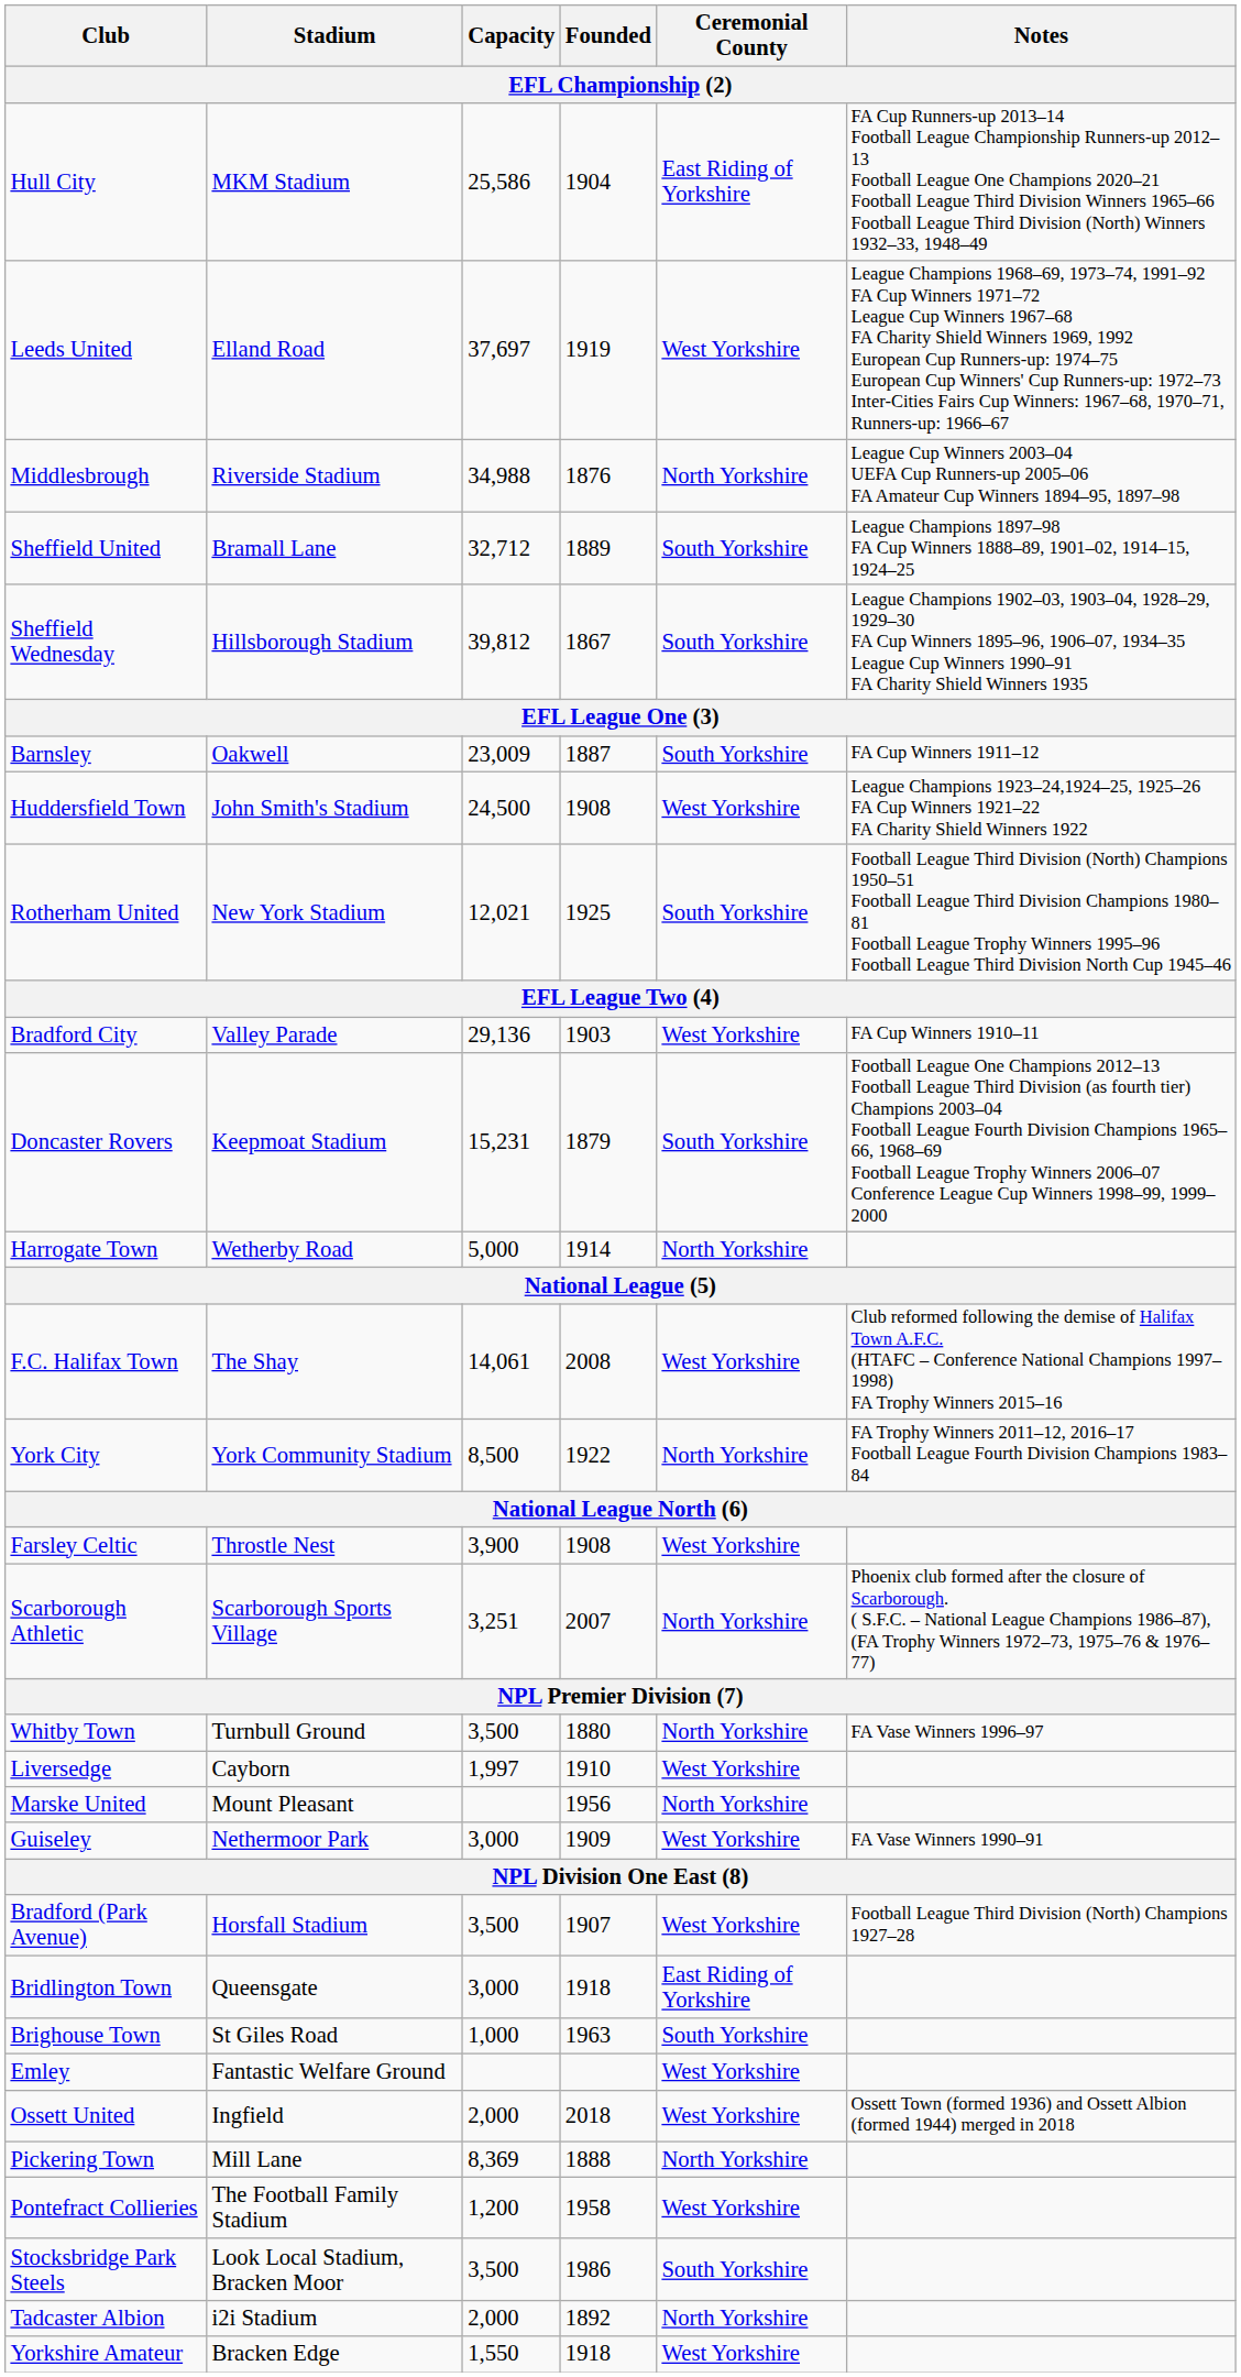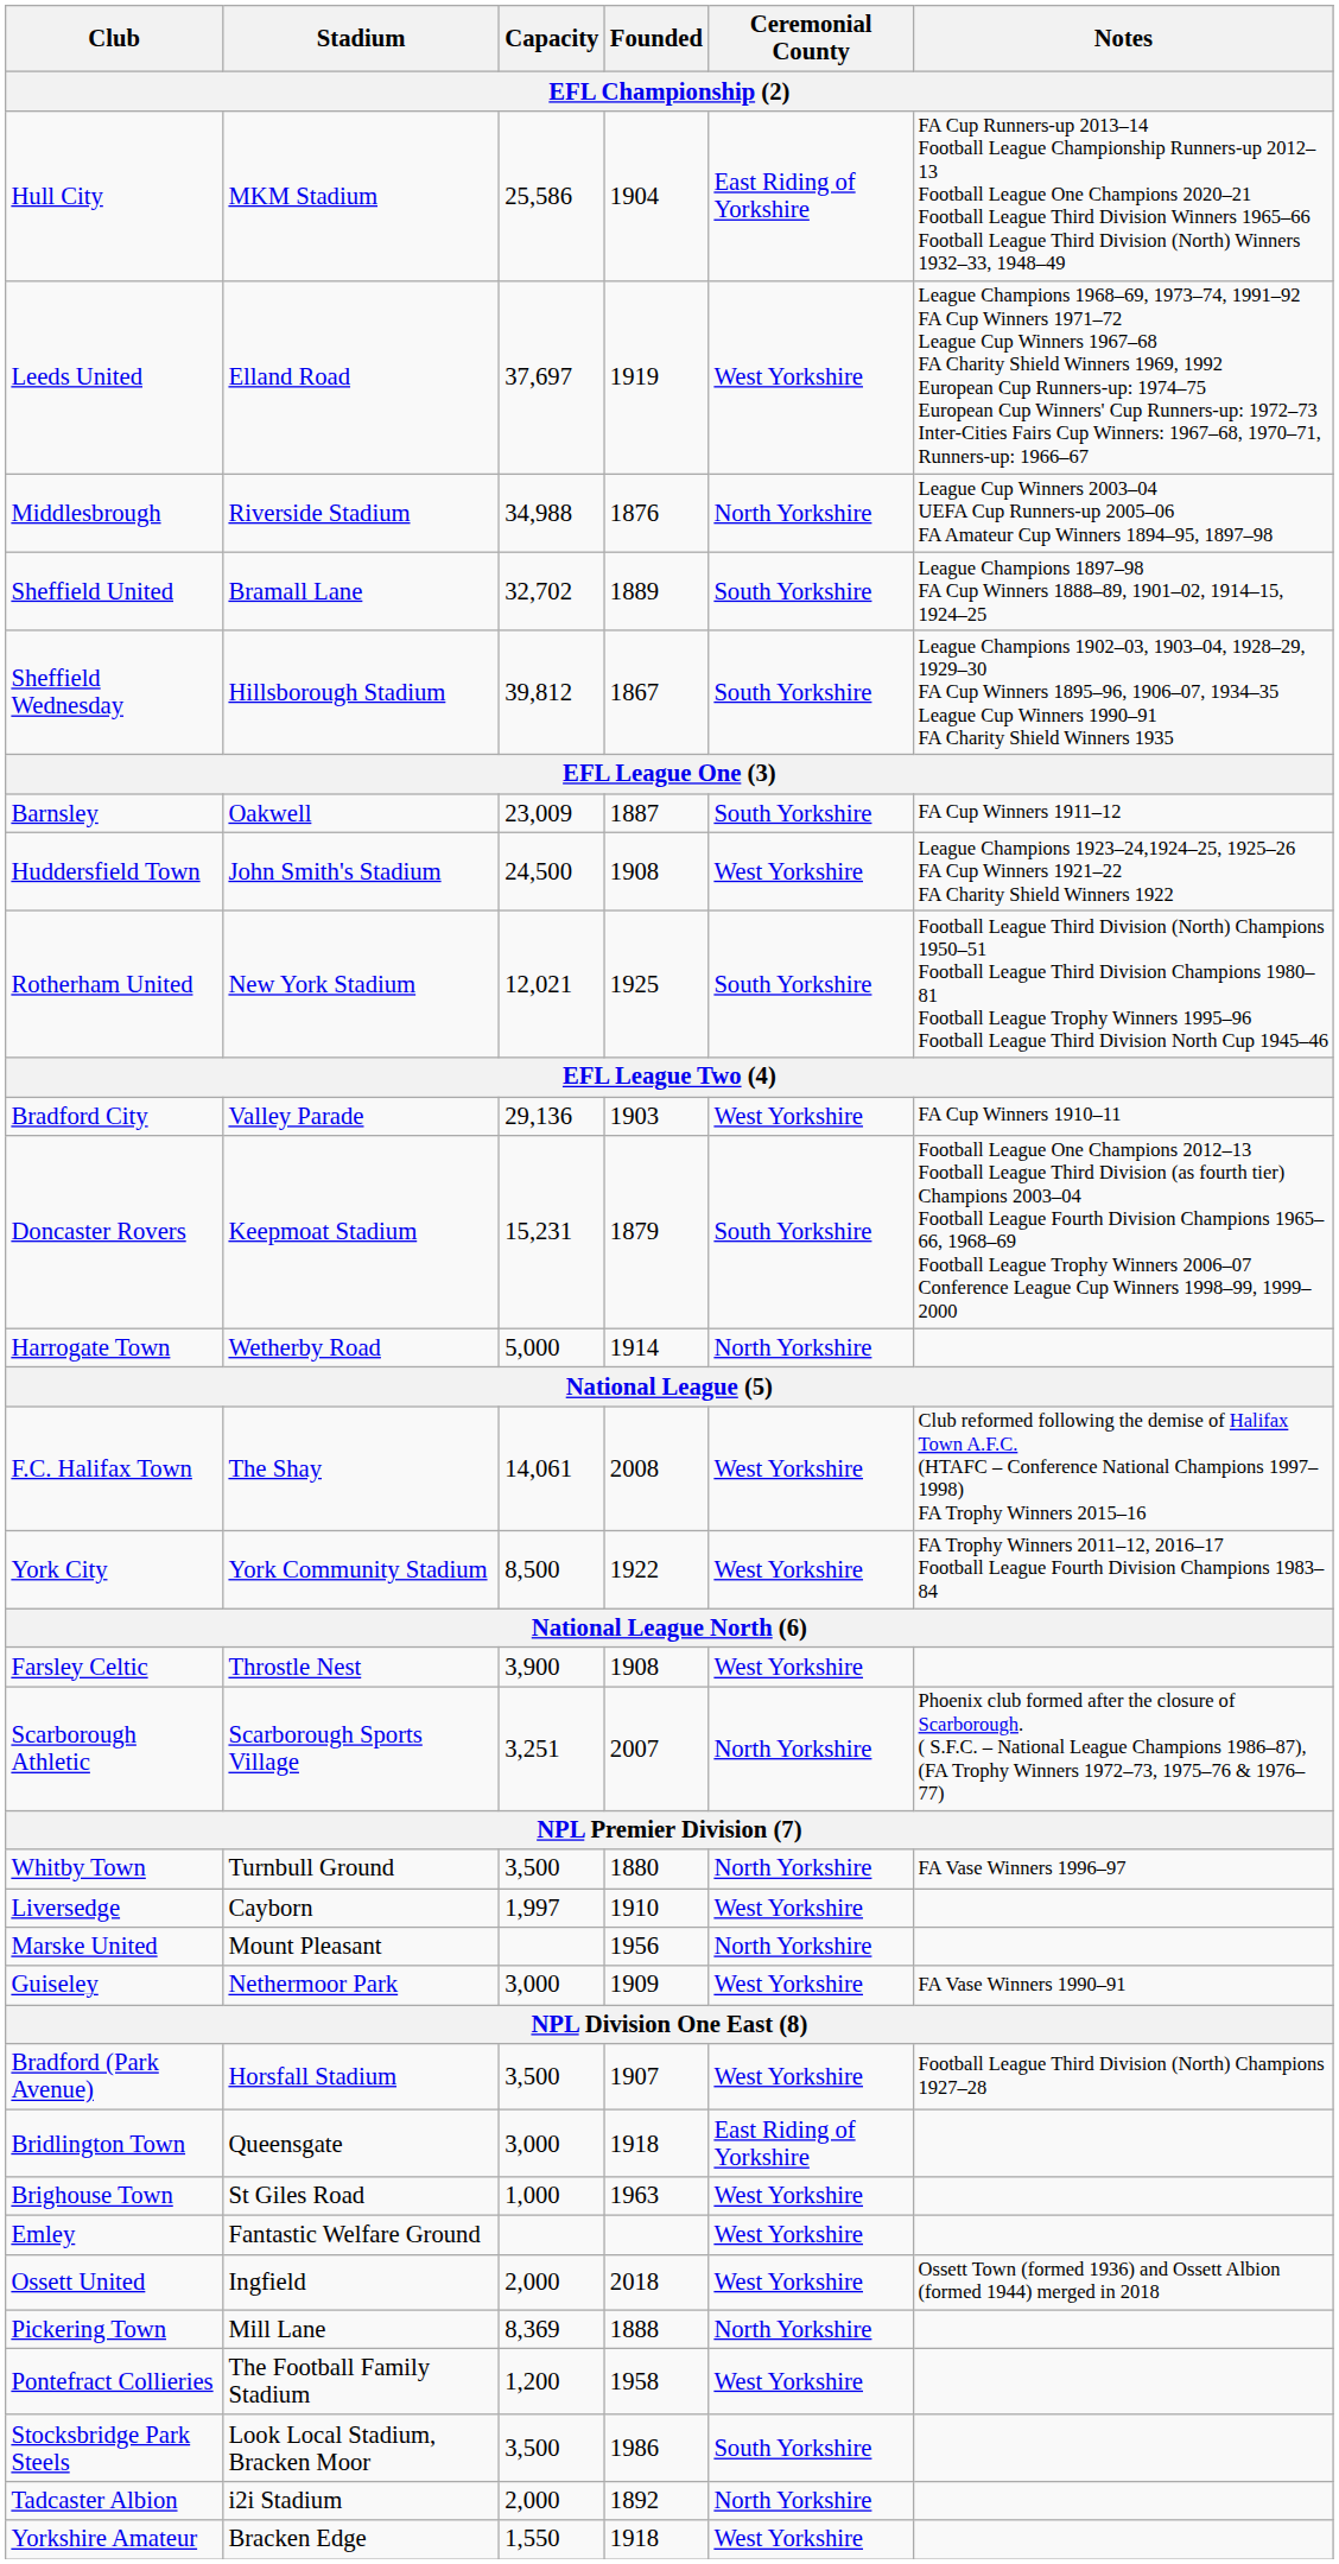 <table class="wikitable">
 <tr>
 <th>Club</th>
 <th>Stadium</th>
 <th>Capacity</th>
 <th>Founded</th>
 <th>Ceremonial County</th>
 <th>Notes</th>
 </tr>
 <tr>
 <th colspan=6><a href='#'>EFL Championship</a> (2)</th>
 </tr>
 <tr>
 <td><a href='#'>Hull City</a></td>
 <td><a href='#'>MKM Stadium</a></td>
 <td>25,586</td>
 <td>1904</td>
 <td><a href='#'>East Riding of Yorkshire</a></td>
 <td style="font-size: 80%">FA Cup Runners-up 2013–14<br>Football League Championship Runners-up 2012–13<br>Football League One Champions 2020–21<br>Football League Third Division Winners 1965–66<br>Football League Third Division (North) Winners 1932–33, 1948–49</td>
 </tr>
 <tr>
 <td><a href='#'>Leeds United</a></td>
 <td><a href='#'>Elland Road</a></td>
 <td>37,697</td>
 <td>1919</td>
 <td><a href='#'>West Yorkshire</a></td>
 <td style="font-size: 80%">League Champions 1968–69, 1973–74, 1991–92<br>FA Cup Winners 1971–72<br>League Cup Winners 1967–68<br>FA Charity Shield Winners 1969, 1992<br>European Cup Runners-up: 1974–75<br>European Cup Winners' Cup Runners-up: 1972–73<br>Inter-Cities Fairs Cup Winners: 1967–68, 1970–71, Runners-up: 1966–67</td>
 </tr>
 <tr>
 <td><a href='#'>Middlesbrough</a></td>
 <td><a href='#'>Riverside Stadium</a></td>
 <td>34,988</td>
 <td>1876</td>
 <td><a href='#'>North Yorkshire</a></td>
 <td style="font-size: 80%">League Cup Winners 2003–04<br>UEFA Cup Runners-up 2005–06<br>FA Amateur Cup Winners 1894–95, 1897–98</td>
 </tr>
 <tr>
 <td><a href='#'>Sheffield United</a></td>
 <td><a href='#'>Bramall Lane</a></td>
-<td>32,712</td>
+<td>32,702</td>
 <td>1889</td>
 <td><a href='#'>South Yorkshire</a></td>
 <td style="font-size: 80%">League Champions 1897–98<br>FA Cup Winners 1888–89, 1901–02, 1914–15, 1924–25</td>
 </tr>
 <tr>
 <td><a href='#'>Sheffield Wednesday</a></td>
 <td><a href='#'>Hillsborough Stadium</a></td>
 <td>39,812</td>
 <td>1867</td>
 <td><a href='#'>South Yorkshire</a></td>
 <td style="font-size: 80%">League Champions 1902–03, 1903–04, 1928–29, 1929–30<br>FA Cup Winners 1895–96, 1906–07, 1934–35<br>League Cup Winners 1990–91<br>FA Charity Shield Winners 1935</td>
 </tr>
 <tr>
 <th colspan="6"><a href='#'>EFL League One</a> (3)</th>
 </tr>
 <tr>
 <td><a href='#'>Barnsley</a></td>
 <td><a href='#'>Oakwell</a></td>
 <td>23,009</td>
 <td>1887</td>
 <td><a href='#'>South Yorkshire</a></td>
 <td style="font-size: 80%">FA Cup Winners 1911–12</td>
 </tr>
 <tr>
 <td><a href='#'>Huddersfield Town</a></td>
 <td><a href='#'>John Smith's Stadium</a></td>
 <td>24,500</td>
 <td>1908</td>
 <td><a href='#'>West Yorkshire</a></td>
 <td style="font-size: 80%">League Champions 1923–24,1924–25, 1925–26<br>FA Cup Winners 1921–22<br>FA Charity Shield Winners 1922</td>
 </tr>
 <tr>
 <td><a href='#'>Rotherham United</a></td>
 <td><a href='#'>New York Stadium</a></td>
 <td>12,021</td>
 <td>1925</td>
 <td><a href='#'>South Yorkshire</a></td>
 <td style="font-size: 80%">Football League Third Division (North) Champions 1950–51<br>Football League Third Division Champions 1980–81<br>Football League Trophy Winners 1995–96<br>Football League Third Division North Cup 1945–46</td>
 </tr>
 <tr>
 <th colspan="6"><a href='#'>EFL League Two</a> (4)</th>
 </tr>
 <tr>
 <td><a href='#'>Bradford City</a></td>
 <td><a href='#'>Valley Parade</a></td>
 <td>29,136</td>
 <td>1903</td>
 <td><a href='#'>West Yorkshire</a></td>
 <td style="font-size: 80%">FA Cup Winners 1910–11</td>
 </tr>
 <tr>
 <td><a href='#'>Doncaster Rovers</a></td>
 <td><a href='#'>Keepmoat Stadium</a></td>
 <td>15,231</td>
 <td>1879</td>
 <td><a href='#'>South Yorkshire</a></td>
 <td style="font-size: 80%">Football League One Champions 2012–13<br>Football League Third Division (as fourth tier) Champions 2003–04<br>Football League Fourth Division Champions 1965–66, 1968–69<br>Football League Trophy Winners 2006–07<br>Conference League Cup Winners 1998–99, 1999–2000</td>
 </tr>
 <tr>
 <td><a href='#'>Harrogate Town</a></td>
 <td><a href='#'>Wetherby Road</a></td>
 <td>5,000</td>
 <td>1914</td>
 <td><a href='#'>North Yorkshire</a></td>
 <td style="font-size: 80%"></td>
 </tr>
 <tr>
 <th colspan=6><a href='#'>National League</a> (5)</th>
 </tr>
 <tr>
 <td><a href='#'>F.C. Halifax Town</a></td>
 <td><a href='#'>The Shay</a></td>
 <td>14,061</td>
 <td>2008</td>
 <td><a href='#'>West Yorkshire</a></td>
 <td style="font-size: 80%">Club reformed following the demise of <a href='#'>Halifax Town A.F.C.</a><br>(HTAFC – Conference National Champions 1997–1998)<br>FA Trophy Winners 2015–16</td>
 </tr>
 <tr>
 <td><a href='#'>York City</a></td>
 <td><a href='#'>York Community Stadium</a></td>
 <td>8,500</td>
 <td>1922</td>
-<td><a href='#'>North Yorkshire</a></td>
+<td><a href='#'>West Yorkshire</a></td>
 <td style="font-size: 80%">FA Trophy Winners 2011–12, 2016–17<br>Football League Fourth Division Champions 1983–84</td>
 </tr>
 <tr>
 <th colspan=6><a href='#'>National League North</a> (6)</th>
 </tr>
 <tr>
 <td><a href='#'>Farsley Celtic</a></td>
 <td><a href='#'>Throstle Nest</a></td>
 <td>3,900</td>
 <td>1908</td>
 <td><a href='#'>West Yorkshire</a></td>
 <td></td>
 </tr>
 <tr>
 <td><a href='#'>Scarborough Athletic</a></td>
 <td><a href='#'>Scarborough Sports Village</a></td>
 <td>3,251</td>
 <td>2007</td>
 <td><a href='#'>North Yorkshire</a></td>
 <td style="font-size: 80%">Phoenix club formed after the closure of <a href='#'>Scarborough</a>.<br>( S.F.C. – National League Champions 1986–87),<br>(FA Trophy Winners 1972–73, 1975–76 & 1976–77)</td>
 </tr>
 <tr>
 <th colspan=6><a href='#'>NPL</a> Premier Division (7)</th>
 </tr>
 <tr>
 <td><a href='#'>Whitby Town</a></td>
 <td>Turnbull Ground</td>
 <td>3,500</td>
 <td>1880</td>
 <td><a href='#'>North Yorkshire</a></td>
 <td style="font-size: 80%">FA Vase Winners 1996–97</td>
 </tr>
 <tr>
 <td><a href='#'>Liversedge</a></td>
 <td>Cayborn</td>
 <td>1,997</td>
 <td>1910</td>
 <td><a href='#'>West Yorkshire</a></td>
 <td style="font-size: 80%"></td>
 </tr>
 <tr>
 <td><a href='#'>Marske United</a></td>
 <td>Mount Pleasant</td>
 <td></td>
 <td>1956</td>
 <td><a href='#'>North Yorkshire</a></td>
 <td style="font-size: 80%"></td>
 </tr>
 <tr>
 <td><a href='#'>Guiseley</a></td>
 <td><a href='#'>Nethermoor Park</a></td>
 <td>3,000</td>
 <td>1909</td>
 <td><a href='#'>West Yorkshire</a></td>
 <td style="font-size: 80%">FA Vase Winners 1990–91</td>
 </tr>
 <tr>
 <th colspan=6><a href='#'>NPL</a> Division One East (8)</th>
 </tr>
 <tr>
 <td><a href='#'>Bradford (Park Avenue)</a></td>
 <td><a href='#'>Horsfall Stadium</a></td>
 <td>3,500</td>
 <td>1907</td>
 <td><a href='#'>West Yorkshire</a></td>
 <td style="font-size: 80%">Football League Third Division (North) Champions 1927–28</td>
 </tr>
 <tr>
 <td><a href='#'>Bridlington Town</a></td>
 <td>Queensgate</td>
 <td>3,000</td>
 <td>1918</td>
 <td><a href='#'>East Riding of Yorkshire</a></td>
 <td style="font-size: 80%"></td>
 </tr>
 <tr>
 <td><a href='#'>Brighouse Town</a></td>
 <td>St Giles Road</td>
 <td>1,000</td>
 <td>1963</td>
-<td><a href='#'>South Yorkshire</a></td>
+<td><a href='#'>West Yorkshire</a></td>
 <td style="font-size: 80%"></td>
 </tr>
 <tr>
 <td><a href='#'>Emley</a></td>
 <td>Fantastic Welfare Ground</td>
 <td></td>
 <td></td>
 <td><a href='#'>West Yorkshire</a></td>
 <td style="font-size: 80%"></td>
 </tr>
 <tr>
 <td><a href='#'>Ossett United</a></td>
 <td>Ingfield</td>
 <td>2,000</td>
 <td>2018</td>
 <td><a href='#'>West Yorkshire</a></td>
 <td style="font-size: 80%">Ossett Town (formed 1936) and Ossett Albion (formed 1944) merged in 2018</td>
 </tr>
 <tr>
 <td><a href='#'>Pickering Town</a></td>
 <td>Mill Lane</td>
 <td>8,369</td>
 <td>1888</td>
 <td><a href='#'>North Yorkshire</a></td>
 <td style="font-size: 80%"></td>
 </tr>
 <tr>
 <td><a href='#'>Pontefract Collieries</a></td>
 <td>The Football Family Stadium</td>
 <td>1,200</td>
 <td>1958</td>
 <td><a href='#'>West Yorkshire</a></td>
 <td style="font-size: 80%"></td>
 </tr>
 <tr>
 <td><a href='#'>Stocksbridge Park Steels</a></td>
 <td>Look Local Stadium, Bracken Moor</td>
 <td>3,500</td>
 <td>1986</td>
 <td><a href='#'>South Yorkshire</a></td>
 <td style="font-size: 80%"></td>
 </tr>
 <tr>
 <td><a href='#'>Tadcaster Albion</a></td>
 <td>i2i Stadium</td>
 <td>2,000</td>
 <td>1892</td>
 <td><a href='#'>North Yorkshire</a></td>
 <td style="font-size: 80%"></td>
 </tr>
 <tr>
 <td><a href='#'>Yorkshire Amateur</a></td>
 <td>Bracken Edge</td>
 <td>1,550</td>
 <td>1918</td>
 <td><a href='#'>West Yorkshire</a></td>
 <td style="font-size: 80%"></td>
 </tr>
 <tr>
 </tr>
 </table>
